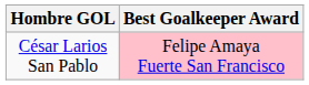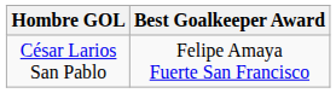 <table class="wikitable" style="margin: 0 auto;">
 <tr>
 <th>Hombre GOL</th>
 <th>Best Goalkeeper Award</th>
 </tr>
 <tr>
 <td align=center> <a href='#'>César Larios</a> <br> San Pablo</td>
-<td align=center style="background: pink;"> Felipe Amaya <br><a href='#'>Fuerte San Francisco</a></td>
+<td align=center> Felipe Amaya <br><a href='#'>Fuerte San Francisco</a></td>
 </tr>
 </table>
